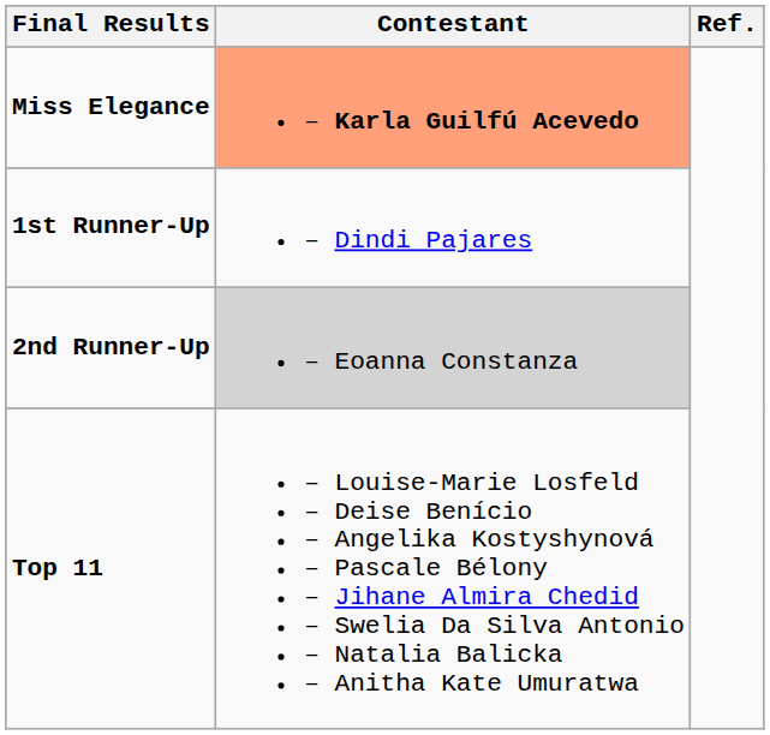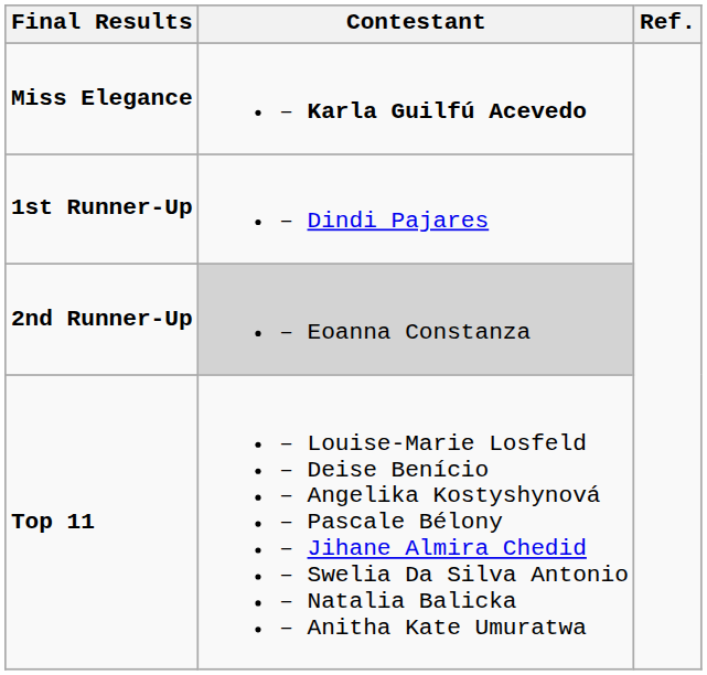 <table class="wikitable sortable" style="font-size: 95%;">
 <tr>
 <th>Final Results</th>
 <th>Contestant</th>
 <th>Ref.</th>
 </tr>
 <tr>
 <td><strong>Miss Elegance</strong></td>
-<td style="background: lightsalmon;"><br><ul><li><strong></strong> – <strong>Karla Guilfú Acevedo</strong></li></ul></td>
+<td><br><ul><li><strong></strong> – <strong>Karla Guilfú Acevedo</strong></li></ul></td>
 <td rowspan="4"></td>
 </tr>
 <tr>
 <td><strong>1st Runner-Up</strong></td>
 <td><br><ul><li><strong></strong> – <a href='#'>Dindi Pajares</a></li></ul></td>
 </tr>
 <tr>
 <td><strong>2nd Runner-Up</strong></td>
 <td style="background: lightgrey;"><br><ul><li><strong></strong> – Eoanna Constanza</li></ul></td>
 </tr>
 <tr>
 <td><strong>Top 11</strong></td>
 <td><br><ul><li><strong></strong> – Louise-Marie Losfeld</li><li><strong></strong> – Deise Benício</li><li><strong></strong> – Angelika Kostyshynová</li><li><strong></strong> – Pascale Bélony</li><li><strong></strong> – <a href='#'>Jihane Almira Chedid</a></li><li><strong></strong> – Swelia Da Silva Antonio</li><li><strong></strong> – Natalia Balicka</li><li><strong></strong> – Anitha Kate Umuratwa</li></ul></td>
 </tr>
 </table>
